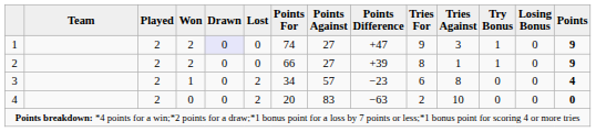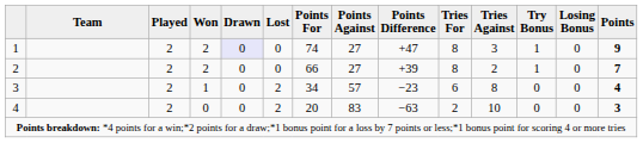 <table class="wikitable" style="text-align: center">
 <tr>
 <th style="background:#efefef; width:20px"></th>
 <th style="background:#efefef; width:150px">Team</th>
 <th style="background:#efefef; width:20px">Played</th>
 <th style="background:#efefef; width:20px">Won</th>
 <th style="background:#efefef; width:20px">Drawn</th>
 <th style="background:#efefef; width:20px">Lost</th>
 <th style="background:#efefef; width:20px">Points For</th>
 <th style="background:#efefef; width:20px">Points Against</th>
 <th style="background:#efefef; width:20px">Points Difference</th>
 <th style="background:#efefef; width:20px">Tries For</th>
 <th style="background:#efefef; width:20px">Tries Against</th>
 <th style="background:#efefef; width:20px">Try Bonus</th>
 <th style="background:#efefef; width:20px">Losing Bonus</th>
 <th style="background:#efefef; width:20px">Points</th>
 </tr>
 <tr>
 <td>1</td>
 <td align=left></td>
 <td>2</td>
 <td>2</td>
 <td style="background: lavender;">0</td>
 <td>0</td>
 <td>74</td>
 <td>27</td>
 <td>+47</td>
-<td>9</td>
+<td>8</td>
 <td>3</td>
 <td>1</td>
 <td>0</td>
 <td><strong>9</strong></td>
 </tr>
 <tr>
 <td>2</td>
 <td align=left></td>
 <td>2</td>
 <td>2</td>
 <td>0</td>
 <td>0</td>
 <td>66</td>
 <td>27</td>
 <td>+39</td>
 <td>8</td>
-<td>1</td>
+<td>2</td>
 <td>1</td>
 <td>0</td>
-<td><strong>9</strong></td>
+<td><strong>7</strong></td>
 </tr>
 <tr>
 <td>3</td>
 <td align=left></td>
 <td>2</td>
 <td>1</td>
 <td>0</td>
 <td>2</td>
 <td>34</td>
 <td>57</td>
 <td>−23</td>
 <td>6</td>
 <td>8</td>
 <td>0</td>
 <td>0</td>
 <td><strong>4</strong></td>
 </tr>
 <tr>
 <td>4</td>
 <td align=left></td>
 <td>2</td>
 <td>0</td>
 <td>0</td>
 <td>2</td>
 <td>20</td>
 <td>83</td>
 <td>−63</td>
 <td>2</td>
 <td>10</td>
 <td>0</td>
 <td>0</td>
-<td><strong>0</strong></td>
+<td><strong>3</strong></td>
 </tr>
 <tr>
 <td colspan="14" style="border:0"><small><strong>Points breakdown:</strong> *4 points for a win;*2 points for a draw;*1 bonus point for a loss by 7 points or less;*1 bonus point for scoring 4 or more tries</small></td>
 </tr>
 </table>
